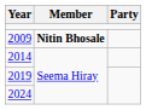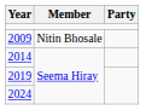 <table class=wikitable>
 <tr>
 <th>Year</th>
 <th>Member</th>
 <th colspan="2">Party</th>
 </tr>
 <tr>
 <td colspan="4"></td>
 </tr>
 <tr>
 <td><a href='#'>2009</a></td>
-<td><strong>Nitin Bhosale</strong></td>
+<td>Nitin Bhosale</td>
 <td></td>
 </tr>
 <tr>
 <td><a href='#'>2014</a></td>
 <td rowspan="3"><a href='#'>Seema Hiray</a></td>
 <td></td>
 </tr>
 <tr>
 <td><a href='#'>2019</a></td>
 </tr>
 <tr>
 <td><a href='#'>2024</a></td>
 </tr>
 </table>
